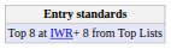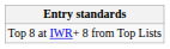 <table class="wikitable" border="1" align="upright">
 <tr>
 <th>Entry standards</th>
 </tr>
 <tr>
-<td style="background: lavender;">Top 8 at <a href='#'>IWR</a>+ 8 from Top Lists</td>
+<td>Top 8 at <a href='#'>IWR</a>+ 8 from Top Lists</td>
 </tr>
 </table>
